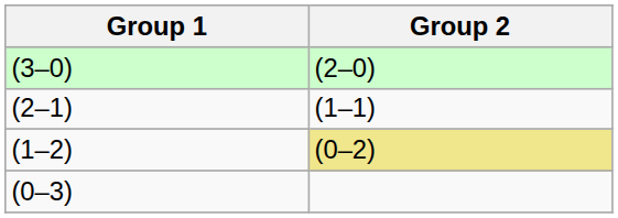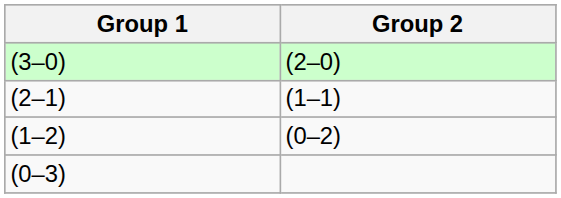 <table class=wikitable  style="text-align: center; font-size:90% ">
 <tr>
 <th width=160>Group 1</th>
 <th width=160>Group 2</th>
 </tr>
 <tr bgcolor="#ccffcc">
 <td align=left> (3–0)</td>
 <td align=left> (2–0)</td>
 </tr>
 <tr>
 <td align=left> (2–1)</td>
 <td align=left> (1–1)</td>
 </tr>
 <tr>
 <td align=left> (1–2)</td>
-<td align=left style="background: khaki;"> (0–2)</td>
+<td align=left> (0–2)</td>
 </tr>
 <tr>
 <td align=left> (0–3)</td>
 <td></td>
 </tr>
 </table>
